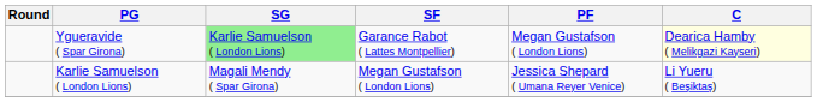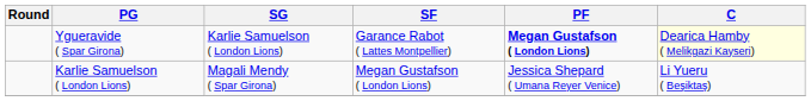 <table class="wikitable sortable" style="text-align: center;">
 <tr>
 <th style="width:50px;">Round</th>
 <th style="width:180px;"><a href='#'>PG</a></th>
 <th style="width:175px;"><a href='#'>SG</a></th>
 <th style="width:180px;"><a href='#'>SF</a></th>
 <th style="width:180px;"><a href='#'>PF</a></th>
 <th style="width:175px;"><a href='#'>C</a></th>
 </tr>
 <tr>
 <td></td>
 <td style="text-align:left;"> <a href='#'>Ygueravide</a><br><small>( <a href='#'>Spar Girona</a>)</small></td>
-<td style="background: lightgreen; text-align:left;"> <a href='#'>Karlie Samuelson</a><br><small>( <a href='#'>London Lions</a>)</small></td>
+<td style="text-align:left;"> <a href='#'>Karlie Samuelson</a><br><small>( <a href='#'>London Lions</a>)</small></td>
 <td style="text-align:left;"> <a href='#'>Garance Rabot</a><br><small>( <a href='#'>Lattes Montpellier</a>)</small></td>
-<td style="text-align:left;"> <a href='#'>Megan Gustafson</a><br><small>( <a href='#'>London Lions</a>)</small></td>
+<td style="text-align:left;"><strong> <a href='#'>Megan Gustafson</a><br><small>( <a href='#'>London Lions</a>)</small></strong></td>
 <td style="background: lightyellow; text-align:left;"> <a href='#'>Dearica Hamby</a><br><small>( <a href='#'>Melikgazi Kayseri</a>)</small></td>
 </tr>
 <tr>
 <td></td>
 <td style="text-align:left;"> <a href='#'>Karlie Samuelson</a><br><small>( <a href='#'>London Lions</a>)</small></td>
 <td style="text-align:left;"> <a href='#'>Magali Mendy</a><br><small>( <a href='#'>Spar Girona</a>)</small></td>
 <td style="text-align:left;"> <a href='#'>Megan Gustafson</a><br><small>( <a href='#'>London Lions</a>)</small></td>
 <td style="text-align:left;"> <a href='#'>Jessica Shepard</a><br><small>( <a href='#'>Umana Reyer Venice</a>)</small></td>
 <td style="text-align:left;"> <a href='#'>Li Yueru</a><br><small>( <a href='#'>Beşiktaş</a>)</small></td>
 </tr>
 <tr>
 </tr>
 </table>
